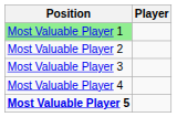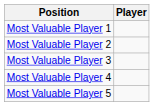 <table class="wikitable">
 <tr>
 <th>Position</th>
 <th>Player</th>
 </tr>
 <tr>
-<td style="background: lightgreen;"><a href='#'>Most Valuable Player</a> 1</td>
+<td><a href='#'>Most Valuable Player</a> 1</td>
 <td></td>
 </tr>
 <tr>
 <td><a href='#'>Most Valuable Player</a> 2</td>
 <td></td>
 </tr>
 <tr>
 <td><a href='#'>Most Valuable Player</a> 3</td>
 <td></td>
 </tr>
 <tr>
 <td><a href='#'>Most Valuable Player</a> 4</td>
 <td></td>
 </tr>
 <tr>
-<td><strong><a href='#'>Most Valuable Player</a> 5</strong></td>
+<td><a href='#'>Most Valuable Player</a> 5</td>
 <td></td>
 </tr>
 </table>
